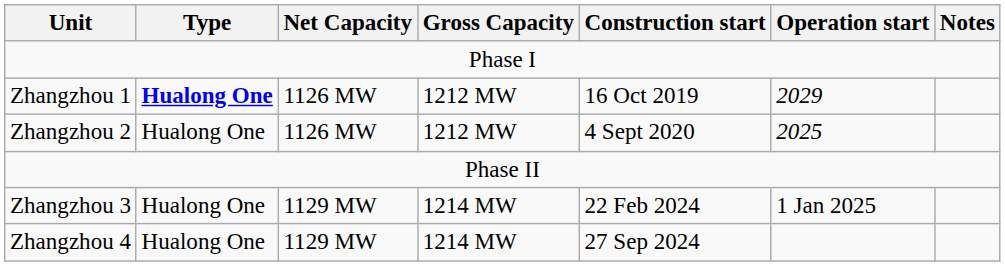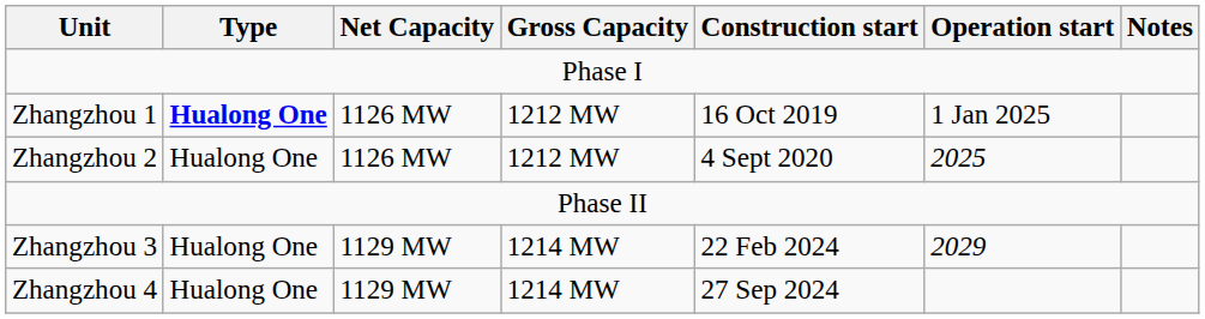 <table class="wikitable">
 <tr>
 <th>Unit</th>
 <th>Type</th>
 <th>Net Capacity</th>
 <th>Gross Capacity</th>
 <th>Construction start</th>
 <th>Operation start</th>
 <th>Notes</th>
 </tr>
 <tr>
 <td colspan="7" align="center">Phase I</td>
 </tr>
 <tr>
 <td>Zhangzhou 1</td>
 <td><strong><a href='#'>Hualong One</a></strong></td>
 <td>1126 MW</td>
 <td>1212 MW</td>
 <td>16 Oct 2019</td>
-<td><em>2029</em></td>
+<td>1 Jan 2025</td>
 <td></td>
 </tr>
 <tr>
 <td>Zhangzhou 2</td>
 <td>Hualong One</td>
 <td>1126 MW</td>
 <td>1212 MW</td>
 <td>4 Sept 2020</td>
 <td><em>2025</em></td>
 <td></td>
 </tr>
 <tr>
 <td colspan="7" align="center">Phase II</td>
 </tr>
 <tr>
 <td>Zhangzhou 3</td>
 <td>Hualong One</td>
 <td>1129 MW</td>
 <td>1214 MW</td>
 <td>22 Feb 2024</td>
-<td>1 Jan 2025</td>
+<td><em>2029</em></td>
 <td></td>
 </tr>
 <tr>
 <td>Zhangzhou 4</td>
 <td>Hualong One</td>
 <td>1129 MW</td>
 <td>1214 MW</td>
 <td>27 Sep 2024</td>
 <td></td>
 <td></td>
 </tr>
 </table>
